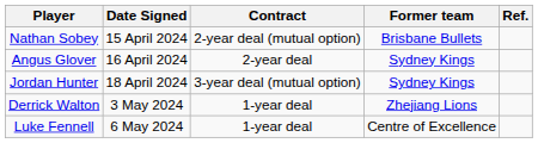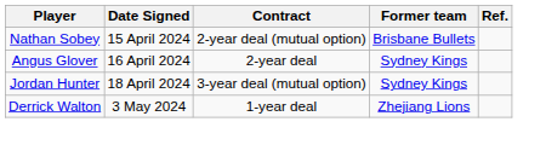 <table class="wikitable sortable sortable" style="text-align: center">
 <tr>
 <th>Player</th>
 <th>Date Signed</th>
 <th>Contract</th>
 <th>Former team</th>
 <th>Ref.</th>
 </tr>
 <tr>
 <td><a href='#'>Nathan Sobey</a></td>
 <td>15 April 2024</td>
 <td>2-year deal (mutual option)</td>
 <td><a href='#'>Brisbane Bullets</a></td>
 <td></td>
 </tr>
 <tr>
 <td><a href='#'>Angus Glover</a></td>
 <td>16 April 2024</td>
 <td>2-year deal</td>
 <td><a href='#'>Sydney Kings</a></td>
 <td></td>
 </tr>
 <tr>
 <td><a href='#'>Jordan Hunter</a></td>
 <td>18 April 2024</td>
 <td>3-year deal (mutual option)</td>
 <td><a href='#'>Sydney Kings</a></td>
 <td></td>
 </tr>
 <tr>
 <td><a href='#'>Derrick Walton</a></td>
 <td>3 May 2024</td>
 <td>1-year deal</td>
 <td><a href='#'>Zhejiang Lions</a></td>
 <td></td>
 </tr>
-<tr>
-<td><a href='#'>Luke Fennell</a></td>
-<td>6 May 2024</td>
-<td>1-year deal</td>
-<td>Centre of Excellence</td>
-<td></td>
-</tr>
 </table>
